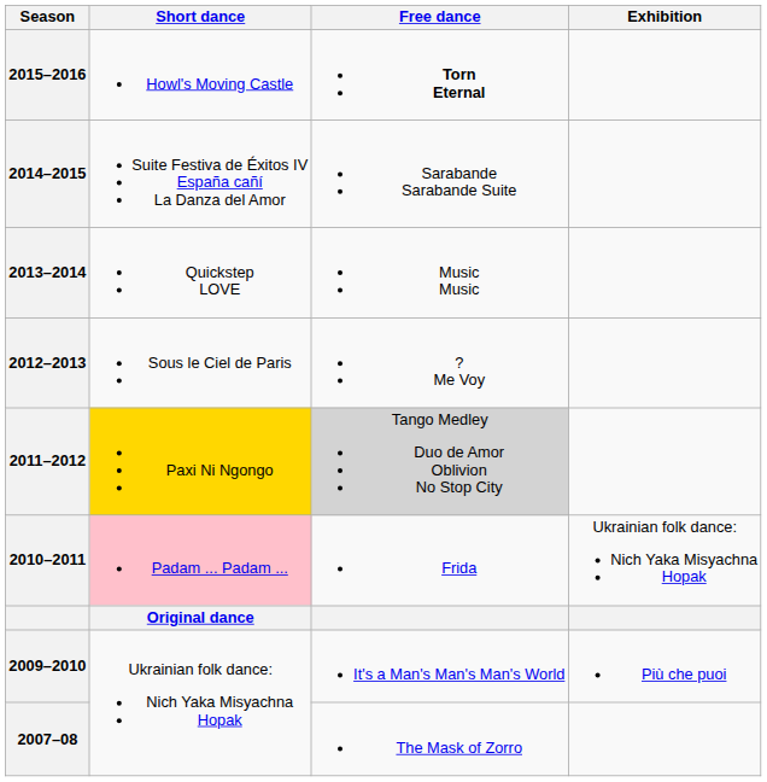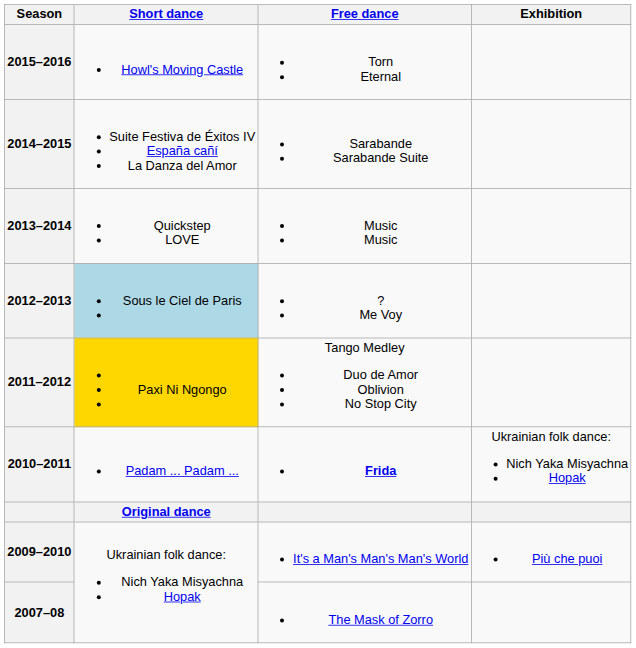 <table class="wikitable" style="text-align:center">
 <tr>
 <th>Season</th>
 <th><a href='#'>Short dance</a></th>
 <th><a href='#'>Free dance</a></th>
 <th>Exhibition</th>
 </tr>
 <tr>
 <th>2015–2016 <br></th>
 <td><br><ul><li> <a href='#'>Howl's Moving Castle</a> <br></li></ul></td>
-<td><strong><br><ul><li>Torn <br></li><li>Eternal <br></li></ul></strong></td>
+<td><br><ul><li>Torn <br></li><li>Eternal <br></li></ul></td>
 <td></td>
 </tr>
 <tr>
 <th>2014–2015 <br></th>
 <td><br><ul><li> Suite Festiva de Éxitos IV <br></li><li> <a href='#'>España cañí</a> <br></li><li> La Danza del Amor <br></li></ul></td>
 <td><br><ul><li>Sarabande <br></li><li>Sarabande Suite <br></li></ul></td>
 <td></td>
 </tr>
 <tr>
 <th>2013–2014 <br></th>
 <td><br><ul><li>Quickstep <br></li><li> LOVE <br></li></ul></td>
 <td><br><ul><li>Music <br></li><li>Music <br></li></ul></td>
 <td></td>
 </tr>
 <tr>
 <th>2012–2013 <br></th>
-<td><br><ul><li> Sous le Ciel de Paris <br></li><li></li></ul></td>
+<td style="background: lightblue;"><br><ul><li> Sous le Ciel de Paris <br></li><li></li></ul></td>
 <td><br><ul><li>?</li><li>Me Voy <br></li></ul></td>
 <td></td>
 </tr>
 <tr>
 <th>2011–2012</th>
 <td style="background: gold;"><br><ul><li></li><li>Paxi Ni Ngongo <br></li><li></li></ul></td>
-<td style="background: lightgrey;">Tango Medley<br><ul><li>Duo de Amor <br></li><li>Oblivion <br></li><li>No Stop City <br></li></ul></td>
+<td>Tango Medley<br><ul><li>Duo de Amor <br></li><li>Oblivion <br></li><li>No Stop City <br></li></ul></td>
 <td></td>
 </tr>
 <tr>
 <th>2010–2011 <br></th>
-<td style="background: pink;"><br><ul><li> <a href='#'>Padam ... Padam ...</a> <br></li></ul></td>
-<td><br><ul><li><a href='#'>Frida</a> <br></li></ul></td>
+<td><br><ul><li> <a href='#'>Padam ... Padam ...</a> <br></li></ul></td>
+<td><strong><br><ul><li><a href='#'>Frida</a> <br></li></ul></strong></td>
 <td>Ukrainian folk dance:<br><ul><li>Nich Yaka Misyachna <br></li><li><a href='#'>Hopak</a></li></ul></td>
 </tr>
 <tr>
 <th></th>
 <th><a href='#'>Original dance</a></th>
 <th></th>
 <th></th>
 </tr>
 <tr>
 <th>2009–2010</th>
 <td rowspan=2>Ukrainian folk dance:<br><ul><li>Nich Yaka Misyachna <br></li><li><a href='#'>Hopak</a></li></ul></td>
 <td><br><ul><li><a href='#'>It's a Man's Man's Man's World</a> <br> </li></ul></td>
 <td><br><ul><li><a href='#'>Più che puoi</a> <br> </li></ul></td>
 </tr>
 <tr>
 <th>2007–08</th>
 <td><br><ul><li><a href='#'>The Mask of Zorro</a> <br> </li></ul></td>
 <td></td>
 </tr>
 </table>
